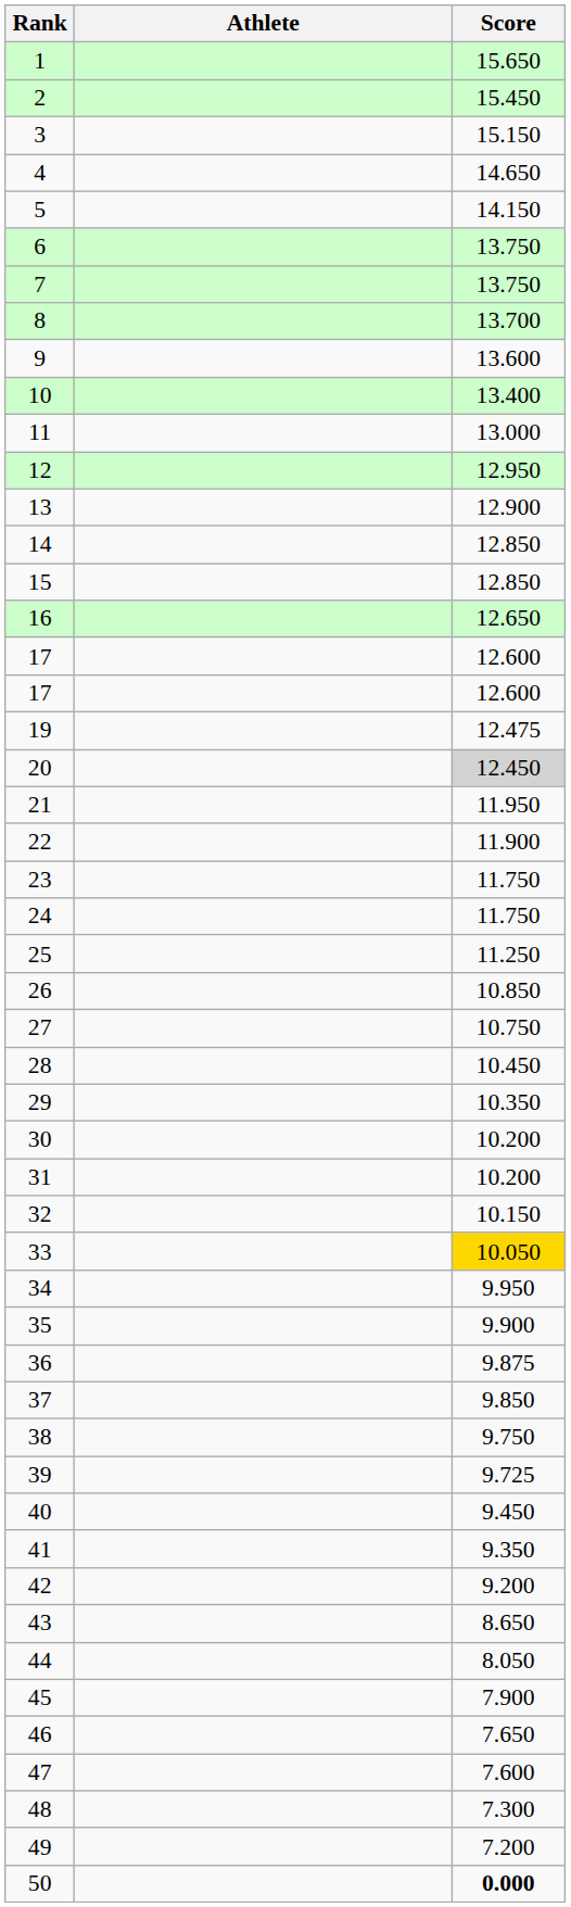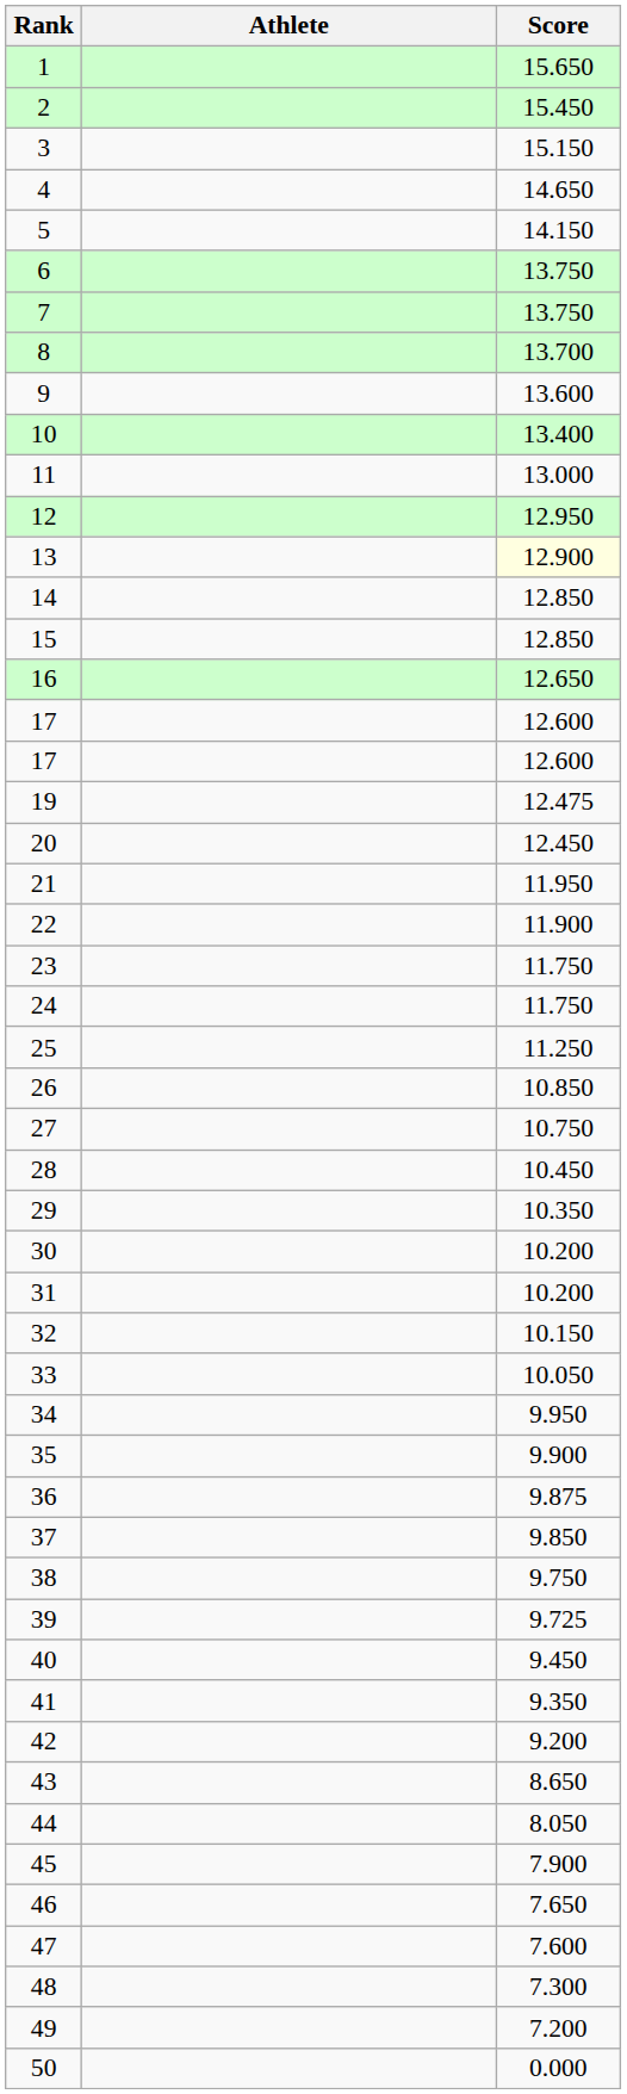 <table class=wikitable style="text-align:center">
 <tr>
 <th width=40>Rank</th>
 <th width=250>Athlete</th>
 <th width=70>Score</th>
 </tr>
 <tr bgcolor="ccffcc">
 <td>1</td>
 <td align=left></td>
 <td>15.650</td>
 </tr>
 <tr bgcolor="ccffcc">
 <td>2</td>
 <td align=left></td>
 <td>15.450</td>
 </tr>
 <tr>
 <td>3</td>
 <td align=left></td>
 <td>15.150</td>
 </tr>
 <tr>
 <td>4</td>
 <td align=left></td>
 <td>14.650</td>
 </tr>
 <tr>
 <td>5</td>
 <td align=left></td>
 <td>14.150</td>
 </tr>
 <tr bgcolor="ccffcc">
 <td>6</td>
 <td align=left></td>
 <td>13.750</td>
 </tr>
 <tr bgcolor="ccffcc">
 <td>7</td>
 <td align=left></td>
 <td>13.750</td>
 </tr>
 <tr bgcolor="ccffcc">
 <td>8</td>
 <td align=left></td>
 <td>13.700</td>
 </tr>
 <tr>
 <td>9</td>
 <td align=left></td>
 <td>13.600</td>
 </tr>
 <tr bgcolor="ccffcc">
 <td>10</td>
 <td align=left></td>
 <td>13.400</td>
 </tr>
 <tr>
 <td>11</td>
 <td align=left></td>
 <td>13.000</td>
 </tr>
 <tr bgcolor="ccffcc">
 <td>12 </td>
 <td align=left></td>
 <td>12.950</td>
 </tr>
 <tr>
 <td>13</td>
 <td align=left></td>
-<td>12.900</td>
+<td style="background: lightyellow;">12.900</td>
 </tr>
 <tr>
 <td>14</td>
 <td align=left></td>
 <td>12.850</td>
 </tr>
 <tr>
 <td>15 </td>
 <td align=left></td>
 <td>12.850</td>
 </tr>
 <tr bgcolor="ccffcc">
 <td>16</td>
 <td align=left></td>
 <td>12.650</td>
 </tr>
 <tr>
 <td>17</td>
 <td align=left></td>
 <td>12.600</td>
 </tr>
 <tr>
 <td>17</td>
 <td align=left></td>
 <td>12.600</td>
 </tr>
 <tr>
 <td>19</td>
 <td align=left></td>
 <td>12.475</td>
 </tr>
 <tr>
 <td>20</td>
 <td align=left></td>
-<td style="background: lightgrey;">12.450</td>
+<td>12.450</td>
 </tr>
 <tr>
 <td>21</td>
 <td align=left></td>
 <td>11.950</td>
 </tr>
 <tr>
 <td>22</td>
 <td align=left></td>
 <td>11.900</td>
 </tr>
 <tr>
 <td>23</td>
 <td align=left></td>
 <td>11.750</td>
 </tr>
 <tr>
 <td>24</td>
 <td align=left></td>
 <td>11.750</td>
 </tr>
 <tr>
 <td>25</td>
 <td align=left></td>
 <td>11.250</td>
 </tr>
 <tr>
 <td>26</td>
 <td align=left></td>
 <td>10.850</td>
 </tr>
 <tr>
 <td>27</td>
 <td align=left></td>
 <td>10.750</td>
 </tr>
 <tr>
 <td>28</td>
 <td align=left></td>
 <td>10.450</td>
 </tr>
 <tr>
 <td>29</td>
 <td align=left></td>
 <td>10.350</td>
 </tr>
 <tr>
 <td>30</td>
 <td align=left></td>
 <td>10.200</td>
 </tr>
 <tr>
 <td>31</td>
 <td align=left></td>
 <td>10.200</td>
 </tr>
 <tr>
 <td>32</td>
 <td align=left></td>
 <td>10.150</td>
 </tr>
 <tr>
 <td>33</td>
 <td align=left></td>
-<td style="background: gold;">10.050</td>
+<td>10.050</td>
 </tr>
 <tr>
 <td>34</td>
 <td align=left></td>
 <td>9.950</td>
 </tr>
 <tr>
 <td>35</td>
 <td align=left></td>
 <td>9.900</td>
 </tr>
 <tr>
 <td>36</td>
 <td align=left></td>
 <td>9.875</td>
 </tr>
 <tr>
 <td>37</td>
 <td align=left></td>
 <td>9.850</td>
 </tr>
 <tr>
 <td>38</td>
 <td align=left></td>
 <td>9.750</td>
 </tr>
 <tr>
 <td>39</td>
 <td align=left></td>
 <td>9.725</td>
 </tr>
 <tr>
 <td>40</td>
 <td align=left></td>
 <td>9.450</td>
 </tr>
 <tr>
 <td>41</td>
 <td align=left></td>
 <td>9.350</td>
 </tr>
 <tr>
 <td>42</td>
 <td align=left></td>
 <td>9.200</td>
 </tr>
 <tr>
 <td>43</td>
 <td align=left></td>
 <td>8.650</td>
 </tr>
 <tr>
 <td>44</td>
 <td align=left></td>
 <td>8.050</td>
 </tr>
 <tr>
 <td>45</td>
 <td align=left></td>
 <td>7.900</td>
 </tr>
 <tr>
 <td>46</td>
 <td align=left></td>
 <td>7.650</td>
 </tr>
 <tr>
 <td>47</td>
 <td align=left></td>
 <td>7.600</td>
 </tr>
 <tr>
 <td>48</td>
 <td align=left></td>
 <td>7.300</td>
 </tr>
 <tr>
 <td>49</td>
 <td align=left></td>
 <td>7.200</td>
 </tr>
 <tr>
 <td>50</td>
 <td align=left></td>
-<td><strong>0.000</strong></td>
+<td>0.000</td>
 </tr>
 </table>
